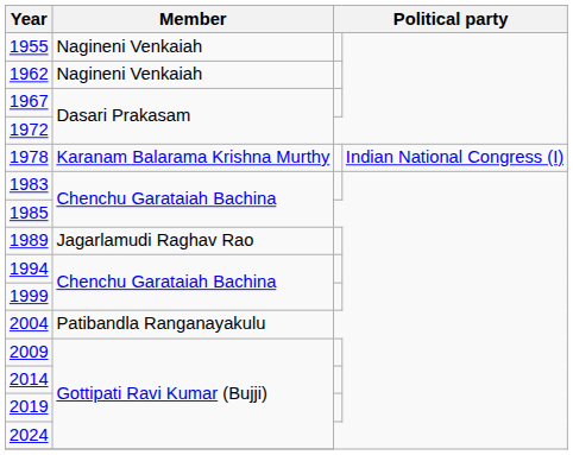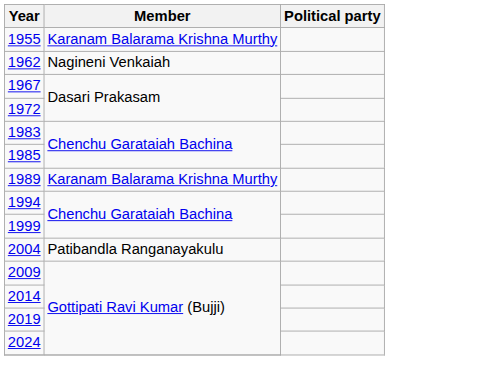 <table class="wikitable sortable">
 <tr>
 <th>Year</th>
 <th>Member</th>
 <th colspan="2">Political party</th>
 </tr>
 <tr>
 <td><a href='#'>1955</a></td>
-<td>Nagineni Venkaiah</td>
+<td><a href='#'>Karanam Balarama Krishna Murthy</a></td>
 <td></td>
 </tr>
 <tr>
 <td><a href='#'>1962</a></td>
 <td>Nagineni Venkaiah</td>
 <td></td>
 </tr>
 <tr>
 <td><a href='#'>1967</a></td>
 <td rowspan=2>Dasari Prakasam</td>
 <td></td>
 </tr>
 <tr>
 <td><a href='#'>1972</a></td>
 </tr>
 <tr>
-<td><a href='#'>1978</a></td>
-<td><a href='#'>Karanam Balarama Krishna Murthy</a></td>
-<td style="background-color: "></td>
-<td><a href='#'>Indian National Congress (I)</a></td>
-</tr>
-<tr>
 <td><a href='#'>1983</a></td>
 <td rowspan=2><a href='#'>Chenchu Garataiah Bachina</a></td>
 <td></td>
 </tr>
 <tr>
 <td><a href='#'>1985</a></td>
 </tr>
 <tr>
 <td><a href='#'>1989</a></td>
-<td>Jagarlamudi Raghav Rao</td>
+<td><a href='#'>Karanam Balarama Krishna Murthy</a></td>
 <td></td>
 </tr>
 <tr>
 <td><a href='#'>1994</a></td>
 <td rowspan=2><a href='#'>Chenchu Garataiah Bachina</a></td>
 <td></td>
 </tr>
 <tr>
 <td><a href='#'>1999</a></td>
 <td></td>
 </tr>
 <tr>
 <td><a href='#'>2004</a></td>
 <td>Patibandla Ranganayakulu</td>
 </tr>
 <tr>
 <td><a href='#'>2009</a></td>
 <td rowspan=4><a href='#'>Gottipati Ravi Kumar</a> (Bujji)</td>
 <td></td>
 </tr>
 <tr>
 <td><a href='#'>2014</a></td>
 <td></td>
 </tr>
 <tr>
 <td><a href='#'>2019</a></td>
 <td></td>
 </tr>
 <tr>
 <td><a href='#'>2024</a></td>
 </tr>
 <tr>
 </tr>
 </table>
